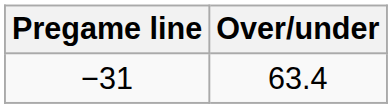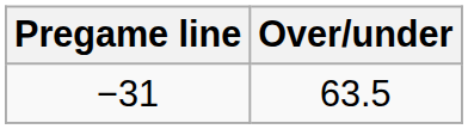 <table class="wikitable" style="margin-left: auto; margin-right: auto; border: none; display: inline-table;">
 <tr align="center">
 <th style=>Pregame line</th>
 <th style=>Over/under</th>
 </tr>
 <tr align="center">
 <td>−31</td>
-<td>63.4</td>
+<td>63.5</td>
 </tr>
 </table>
